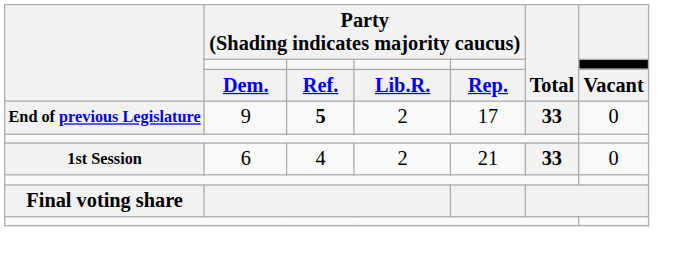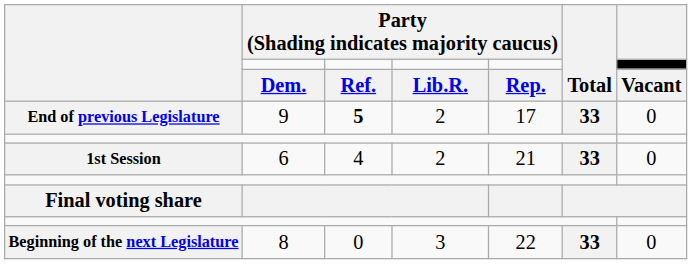 <table class=wikitable style="text-align:center">
 <tr style="vertical-align:bottom;">
 <th rowspan=3></th>
 <th colspan=4>Party <div>(Shading indicates majority caucus)</div></th>
 <th rowspan=3>Total</th>
 <th></th>
 </tr>
 <tr style="height:5px">
 <td style="background-color:"></td>
 <td style="background-color:"></td>
 <td style="background-color:"></td>
 <td style="background-color:"></td>
 <td style="background:black;"></td>
 </tr>
 <tr>
 <th><a href='#'>Dem.</a></th>
 <th><a href='#'>Ref.</a></th>
 <th><a href='#'>Lib.R.</a></th>
 <th><a href='#'>Rep.</a></th>
 <th>Vacant</th>
 </tr>
 <tr>
 <th style="font-size:80%;">End of <a href='#'>previous Legislature</a></th>
 <td>9</td>
 <td><strong>5</strong></td>
 <td>2</td>
 <td>17</td>
 <th>33</th>
 <td>0</td>
 </tr>
 <tr>
 <td colspan=6></td>
 </tr>
 <tr>
 <th style="font-size:80%;">1st Session</th>
 <td>6</td>
 <td>4</td>
 <td>2</td>
 <td>21</td>
 <th>33</th>
 <td>0</td>
 </tr>
 <tr>
 <td colspan=6></td>
 </tr>
 <tr>
 <th>Final voting share</th>
 <th colspan=3></th>
 <th></th>
 <th colspan=2></th>
 </tr>
 <tr>
 <td colspan=6></td>
 </tr>
+<tr>
+<th style="font-size:80%;">Beginning of the <a href='#'>next Legislature</a></th>
+<td>8</td>
+<td>0</td>
+<td>3</td>
+<td>22</td>
+<th>33</th>
+<td>0</td>
+</tr>
 </table>
